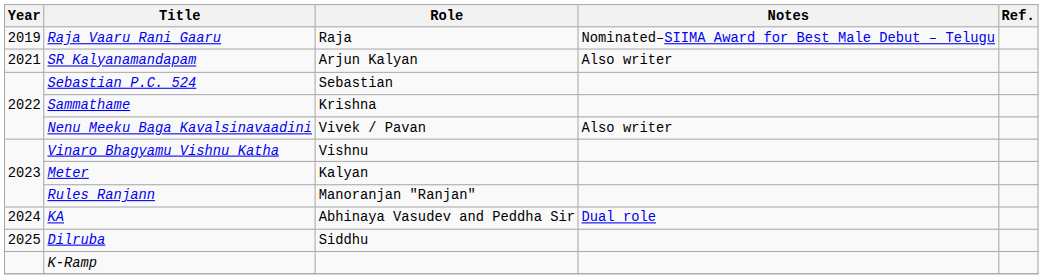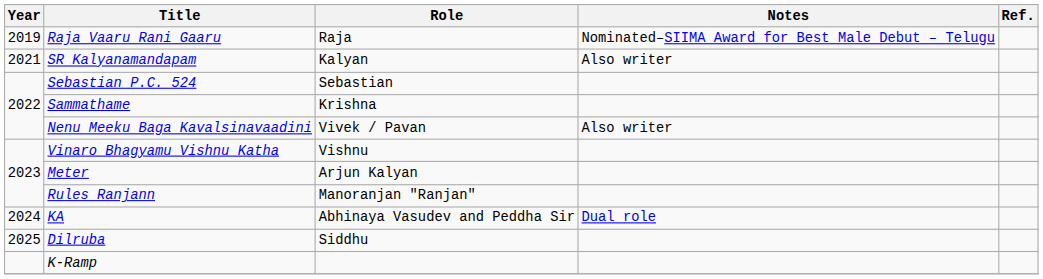 <table class="wikitable">
 <tr>
 <th>Year</th>
 <th>Title</th>
 <th>Role</th>
 <th>Notes</th>
 <th>Ref.</th>
 </tr>
 <tr>
 <td>2019</td>
 <td><em><a href='#'>Raja Vaaru Rani Gaaru</a></em></td>
 <td>Raja</td>
 <td>Nominated–<a href='#'>SIIMA Award for Best Male Debut – Telugu</a></td>
 <td></td>
 </tr>
 <tr>
 <td>2021</td>
 <td><em><a href='#'>SR Kalyanamandapam</a></em></td>
-<td>Arjun Kalyan</td>
+<td>Kalyan</td>
 <td>Also writer</td>
 <td></td>
 </tr>
 <tr>
 <td rowspan="3">2022</td>
 <td><em><a href='#'>Sebastian P.C. 524</a></em></td>
 <td>Sebastian</td>
 <td></td>
 <td></td>
 </tr>
 <tr>
 <td><em><a href='#'>Sammathame</a></em></td>
 <td>Krishna</td>
 <td></td>
 <td></td>
 </tr>
 <tr>
 <td><em><a href='#'>Nenu Meeku Baga Kavalsinavaadini</a></em></td>
 <td>Vivek / Pavan</td>
 <td>Also writer</td>
 <td></td>
 </tr>
 <tr>
 <td rowspan="3">2023</td>
 <td><em><a href='#'>Vinaro Bhagyamu Vishnu Katha</a></em></td>
 <td>Vishnu</td>
 <td></td>
 <td></td>
 </tr>
 <tr>
 <td><a href='#'><em>Meter</em></a></td>
-<td>Kalyan</td>
+<td>Arjun Kalyan</td>
 <td></td>
 <td></td>
 </tr>
 <tr>
 <td><em><a href='#'>Rules Ranjann</a></em></td>
 <td>Manoranjan "Ranjan"</td>
 <td></td>
 <td></td>
 </tr>
 <tr>
 <td>2024</td>
 <td><em><a href='#'>KA</a></em></td>
 <td>Abhinaya Vasudev and Peddha Sir</td>
 <td><a href='#'>Dual role</a></td>
 <td></td>
 </tr>
 <tr>
 <td>2025</td>
 <td><a href='#'><em>Dilruba</em></a></td>
 <td>Siddhu</td>
 <td></td>
 <td></td>
 </tr>
 <tr>
 <td></td>
 <td><em>K-Ramp</em></td>
 <td></td>
 <td></td>
 <td></td>
 </tr>
 <tr>
 </tr>
 </table>
